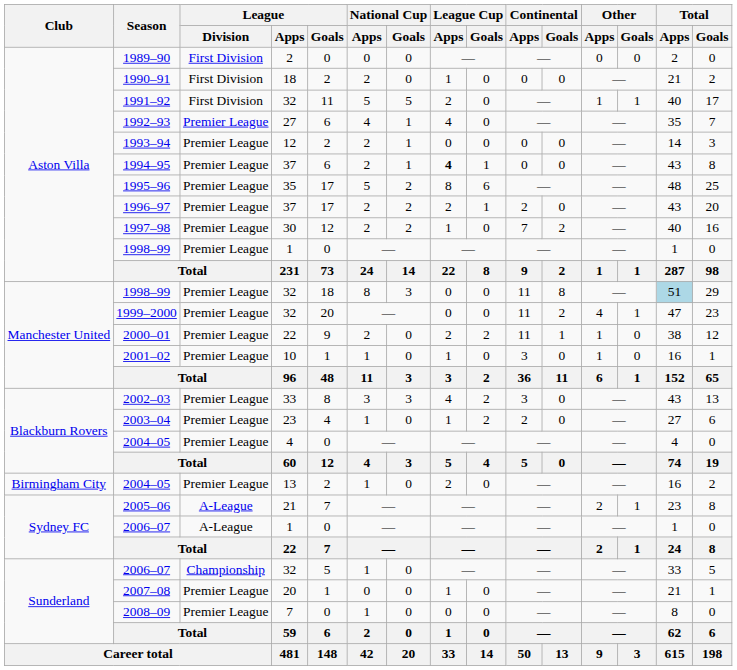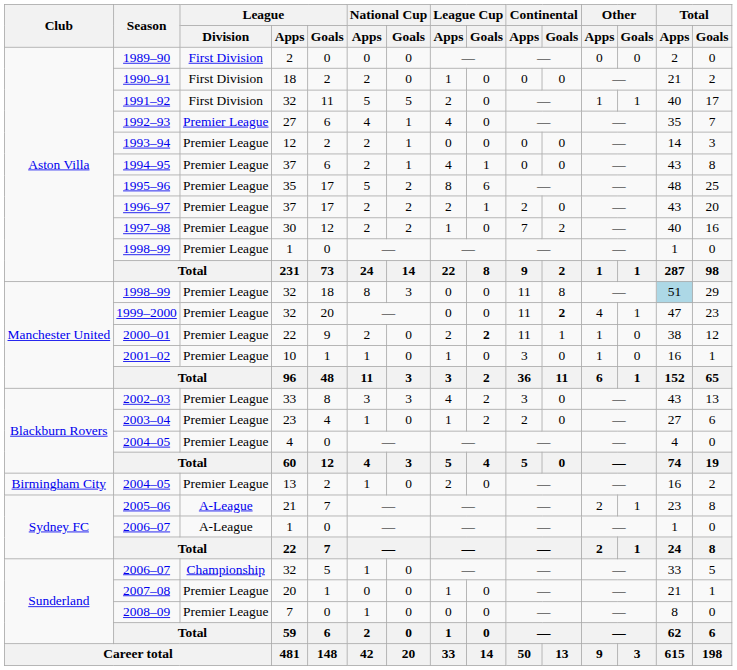 <table class="wikitable" style="text-align:center">
 <tr>
 <th rowspan="2">Club</th>
 <th rowspan="2">Season</th>
 <th colspan="3">League</th>
 <th colspan="2">National Cup</th>
 <th colspan="2">League Cup</th>
 <th colspan="2">Continental</th>
 <th colspan="2">Other</th>
 <th colspan="2">Total</th>
 </tr>
 <tr>
 <th>Division</th>
 <th>Apps</th>
 <th>Goals</th>
 <th>Apps</th>
 <th>Goals</th>
 <th>Apps</th>
 <th>Goals</th>
 <th>Apps</th>
 <th>Goals</th>
 <th>Apps</th>
 <th>Goals</th>
 <th>Apps</th>
 <th>Goals</th>
 </tr>
 <tr>
 <td rowspan="11"><a href='#'>Aston Villa</a></td>
 <td><a href='#'>1989–90</a></td>
 <td><a href='#'>First Division</a></td>
 <td>2</td>
 <td>0</td>
 <td>0</td>
 <td>0</td>
 <td colspan="2">—</td>
 <td colspan="2">—</td>
 <td>0</td>
 <td>0</td>
 <td>2</td>
 <td>0</td>
 </tr>
 <tr>
 <td><a href='#'>1990–91</a></td>
 <td>First Division</td>
 <td>18</td>
 <td>2</td>
 <td>2</td>
 <td>0</td>
 <td>1</td>
 <td>0</td>
 <td>0</td>
 <td>0</td>
 <td colspan="2">—</td>
 <td>21</td>
 <td>2</td>
 </tr>
 <tr>
 <td><a href='#'>1991–92</a></td>
 <td>First Division</td>
 <td>32</td>
 <td>11</td>
 <td>5</td>
 <td>5</td>
 <td>2</td>
 <td>0</td>
 <td colspan="2">—</td>
 <td>1</td>
 <td>1</td>
 <td>40</td>
 <td>17</td>
 </tr>
 <tr>
 <td><a href='#'>1992–93</a></td>
 <td><a href='#'>Premier League</a></td>
 <td>27</td>
 <td>6</td>
 <td>4</td>
 <td>1</td>
 <td>4</td>
 <td>0</td>
 <td colspan="2">—</td>
 <td colspan="2">—</td>
 <td>35</td>
 <td>7</td>
 </tr>
 <tr>
 <td><a href='#'>1993–94</a></td>
 <td>Premier League</td>
 <td>12</td>
 <td>2</td>
 <td>2</td>
 <td>1</td>
 <td>0</td>
 <td>0</td>
 <td>0</td>
 <td>0</td>
 <td colspan="2">—</td>
 <td>14</td>
 <td>3</td>
 </tr>
 <tr>
 <td><a href='#'>1994–95</a></td>
 <td>Premier League</td>
 <td>37</td>
 <td>6</td>
 <td>2</td>
 <td>1</td>
-<td><strong>4</strong></td>
+<td>4</td>
 <td>1</td>
 <td>0</td>
 <td>0</td>
 <td colspan="2">—</td>
 <td>43</td>
 <td>8</td>
 </tr>
 <tr>
 <td><a href='#'>1995–96</a></td>
 <td>Premier League</td>
 <td>35</td>
 <td>17</td>
 <td>5</td>
 <td>2</td>
 <td>8</td>
 <td>6</td>
 <td colspan="2">—</td>
 <td colspan="2">—</td>
 <td>48</td>
 <td>25</td>
 </tr>
 <tr>
 <td><a href='#'>1996–97</a></td>
 <td>Premier League</td>
 <td>37</td>
 <td>17</td>
 <td>2</td>
 <td>2</td>
 <td>2</td>
 <td>1</td>
 <td>2</td>
 <td>0</td>
 <td colspan=2>—</td>
 <td>43</td>
 <td>20</td>
 </tr>
 <tr>
 <td><a href='#'>1997–98</a></td>
 <td>Premier League</td>
 <td>30</td>
 <td>12</td>
 <td>2</td>
 <td>2</td>
 <td>1</td>
 <td>0</td>
 <td>7</td>
 <td>2</td>
 <td colspan="2">—</td>
 <td>40</td>
 <td>16</td>
 </tr>
 <tr>
 <td><a href='#'>1998–99</a></td>
 <td>Premier League</td>
 <td>1</td>
 <td>0</td>
 <td colspan="2">—</td>
 <td colspan="2">—</td>
 <td colspan="2">—</td>
 <td colspan="2">—</td>
 <td>1</td>
 <td>0</td>
 </tr>
 <tr>
 <th colspan="2">Total</th>
 <th>231</th>
 <th>73</th>
 <th>24</th>
 <th>14</th>
 <th>22</th>
 <th>8</th>
 <th>9</th>
 <th>2</th>
 <th>1</th>
 <th>1</th>
 <th>287</th>
 <th>98</th>
 </tr>
 <tr>
 <td rowspan="5"><a href='#'>Manchester United</a></td>
 <td><a href='#'>1998–99</a></td>
 <td>Premier League</td>
 <td>32</td>
 <td>18</td>
 <td>8</td>
 <td>3</td>
 <td>0</td>
 <td>0</td>
 <td>11</td>
 <td>8</td>
 <td colspan="2">—</td>
 <td style="background: lightblue;">51</td>
 <td>29</td>
 </tr>
 <tr>
 <td><a href='#'>1999–2000</a></td>
 <td>Premier League</td>
 <td>32</td>
 <td>20</td>
 <td colspan="2">—</td>
 <td>0</td>
 <td>0</td>
 <td>11</td>
-<td>2</td>
+<td><strong>2</strong></td>
 <td>4</td>
 <td>1</td>
 <td>47</td>
 <td>23</td>
 </tr>
 <tr>
 <td><a href='#'>2000–01</a></td>
 <td>Premier League</td>
 <td>22</td>
 <td>9</td>
 <td>2</td>
 <td>0</td>
 <td>2</td>
-<td>2</td>
+<td><strong>2</strong></td>
 <td>11</td>
 <td>1</td>
 <td>1</td>
 <td>0</td>
 <td>38</td>
 <td>12</td>
 </tr>
 <tr>
 <td><a href='#'>2001–02</a></td>
 <td>Premier League</td>
 <td>10</td>
 <td>1</td>
 <td>1</td>
 <td>0</td>
 <td>1</td>
 <td>0</td>
 <td>3</td>
 <td>0</td>
 <td>1</td>
 <td>0</td>
 <td>16</td>
 <td>1</td>
 </tr>
 <tr>
 <th colspan="2">Total</th>
 <th>96</th>
 <th>48</th>
 <th>11</th>
 <th>3</th>
 <th>3</th>
 <th>2</th>
 <th>36</th>
 <th>11</th>
 <th>6</th>
 <th>1</th>
 <th>152</th>
 <th>65</th>
 </tr>
 <tr>
 <td rowspan="4"><a href='#'>Blackburn Rovers</a></td>
 <td><a href='#'>2002–03</a></td>
 <td>Premier League</td>
 <td>33</td>
 <td>8</td>
 <td>3</td>
 <td>3</td>
 <td>4</td>
 <td>2</td>
 <td>3</td>
 <td>0</td>
 <td colspan="2">—</td>
 <td>43</td>
 <td>13</td>
 </tr>
 <tr>
 <td><a href='#'>2003–04</a></td>
 <td>Premier League</td>
 <td>23</td>
 <td>4</td>
 <td>1</td>
 <td>0</td>
 <td>1</td>
 <td>2</td>
 <td>2</td>
 <td>0</td>
 <td colspan="2">—</td>
 <td>27</td>
 <td>6</td>
 </tr>
 <tr>
 <td><a href='#'>2004–05</a></td>
 <td>Premier League</td>
 <td>4</td>
 <td>0</td>
 <td colspan="2">—</td>
 <td colspan="2">—</td>
 <td colspan="2">—</td>
 <td colspan="2">—</td>
 <td>4</td>
 <td>0</td>
 </tr>
 <tr>
 <th colspan="2">Total</th>
 <th>60</th>
 <th>12</th>
 <th>4</th>
 <th>3</th>
 <th>5</th>
 <th>4</th>
 <th>5</th>
 <th>0</th>
 <th colspan="2">—</th>
 <th>74</th>
 <th>19</th>
 </tr>
 <tr>
 <td><a href='#'>Birmingham City</a></td>
 <td><a href='#'>2004–05</a></td>
 <td>Premier League</td>
 <td>13</td>
 <td>2</td>
 <td>1</td>
 <td>0</td>
 <td>2</td>
 <td>0</td>
 <td colspan="2">—</td>
 <td colspan="2">—</td>
 <td>16</td>
 <td>2</td>
 </tr>
 <tr>
 <td rowspan="3"><a href='#'>Sydney FC</a></td>
 <td><a href='#'>2005–06</a></td>
 <td><a href='#'>A-League</a></td>
 <td>21</td>
 <td>7</td>
 <td colspan="2">—</td>
 <td colspan="2">—</td>
 <td colspan="2">—</td>
 <td>2</td>
 <td>1</td>
 <td>23</td>
 <td>8</td>
 </tr>
 <tr>
 <td><a href='#'>2006–07</a></td>
 <td>A-League</td>
 <td>1</td>
 <td>0</td>
 <td colspan="2">—</td>
 <td colspan="2">—</td>
 <td colspan="2">—</td>
 <td colspan="2">—</td>
 <td>1</td>
 <td>0</td>
 </tr>
 <tr>
 <th colspan="2">Total</th>
 <th>22</th>
 <th>7</th>
 <th colspan="2">—</th>
 <th colspan="2">—</th>
 <th colspan="2">—</th>
 <th>2</th>
 <th>1</th>
 <th>24</th>
 <th>8</th>
 </tr>
 <tr>
 <td rowspan="4"><a href='#'>Sunderland</a></td>
 <td><a href='#'>2006–07</a></td>
 <td><a href='#'>Championship</a></td>
 <td>32</td>
 <td>5</td>
 <td>1</td>
 <td>0</td>
 <td colspan="2">—</td>
 <td colspan="2">—</td>
 <td colspan="2">—</td>
 <td>33</td>
 <td>5</td>
 </tr>
 <tr>
 <td><a href='#'>2007–08</a></td>
 <td>Premier League</td>
 <td>20</td>
 <td>1</td>
 <td>0</td>
 <td>0</td>
 <td>1</td>
 <td>0</td>
 <td colspan="2">—</td>
 <td colspan="2">—</td>
 <td>21</td>
 <td>1</td>
 </tr>
 <tr>
 <td><a href='#'>2008–09</a></td>
 <td>Premier League</td>
 <td>7</td>
 <td>0</td>
 <td>1</td>
 <td>0</td>
 <td>0</td>
 <td>0</td>
 <td colspan="2">—</td>
 <td colspan="2">—</td>
 <td>8</td>
 <td>0</td>
 </tr>
 <tr>
 <th colspan="2">Total</th>
 <th>59</th>
 <th>6</th>
 <th>2</th>
 <th>0</th>
 <th>1</th>
 <th>0</th>
 <th colspan="2">—</th>
 <th colspan="2">—</th>
 <th>62</th>
 <th>6</th>
 </tr>
 <tr>
 <th colspan="3">Career total</th>
 <th>481</th>
 <th>148</th>
 <th>42</th>
 <th>20</th>
 <th>33</th>
 <th>14</th>
 <th>50</th>
 <th>13</th>
 <th>9</th>
 <th>3</th>
 <th>615</th>
 <th>198</th>
 </tr>
 </table>
